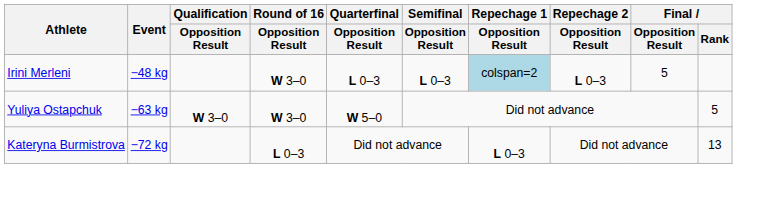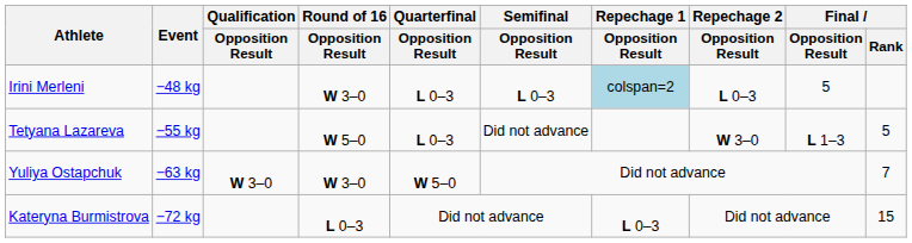 <table class="wikitable" style="font-size:90%">
 <tr>
 <th rowspan="2">Athlete</th>
 <th rowspan="2">Event</th>
 <th>Qualification</th>
 <th>Round of 16</th>
 <th>Quarterfinal</th>
 <th>Semifinal</th>
 <th>Repechage 1</th>
 <th>Repechage 2</th>
 <th colspan=2>Final / </th>
 </tr>
 <tr style="font-size: 95%">
 <th>Opposition<br>Result</th>
 <th>Opposition<br>Result</th>
 <th>Opposition<br>Result</th>
 <th>Opposition<br>Result</th>
 <th>Opposition<br>Result</th>
 <th>Opposition<br>Result</th>
 <th>Opposition<br>Result</th>
 <th>Rank</th>
 </tr>
 <tr align=center>
 <td align=left><a href='#'>Irini Merleni</a></td>
 <td align=left><a href='#'>−48 kg</a></td>
 <td></td>
 <td><br><strong>W</strong> 3–0 <sup></sup></td>
 <td><br><strong>L</strong> 0–3 <sup></sup></td>
 <td><br><strong>L</strong> 0–3 <sup></sup></td>
 <td style="background: lightblue;">colspan=2 </td>
 <td><br><strong>L</strong> 0–3 <sup></sup></td>
 <td>5</td>
 </tr>
 <tr align=center>
+<td align=left><a href='#'>Tetyana Lazareva</a></td>
+<td align=left><a href='#'>−55 kg</a></td>
+<td></td>
+<td><br><strong>W</strong> 5–0 <sup></sup></td>
+<td><br><strong>L</strong> 0–3 <sup></sup></td>
+<td>Did not advance</td>
+<td></td>
+<td><br><strong>W</strong> 3–0 <sup></sup></td>
+<td><br><strong>L</strong> 1–3 <sup></sup></td>
+<td>5</td>
+</tr>
+<tr align=center>
 <td align=left><a href='#'>Yuliya Ostapchuk</a></td>
 <td align=left><a href='#'>−63 kg</a></td>
 <td><br><strong>W</strong> 3–0 <sup></sup></td>
 <td><br><strong>W</strong> 3–0 <sup></sup></td>
 <td><br><strong>W</strong> 5–0 <sup></sup></td>
 <td colspan=4>Did not advance</td>
-<td>5</td>
+<td>7</td>
 </tr>
 <tr align=center>
 <td align=left><a href='#'>Kateryna Burmistrova</a></td>
 <td align=left><a href='#'>−72 kg</a></td>
 <td></td>
 <td><br><strong>L</strong> 0–3 <sup></sup></td>
 <td colspan=2>Did not advance</td>
 <td><br><strong>L</strong> 0–3 <sup></sup></td>
 <td colspan=2>Did not advance</td>
-<td>13</td>
+<td>15</td>
 </tr>
 </table>
